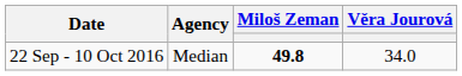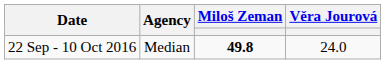 <table class="wikitable collapsible collapsed" style=text-align:center>
 <tr>
 <th rowspan="2">Date</th>
 <th rowspan="2">Agency</th>
 <th><a href='#'>Miloš Zeman</a></th>
 <th><a href='#'>Věra Jourová</a></th>
 </tr>
 <tr>
 <th style="background:"></th>
 <th style="background:"></th>
 </tr>
 <tr>
 <td>22 Sep - 10 Oct 2016</td>
 <td>Median</td>
 <td><strong>49.8</strong></td>
-<td>34.0</td>
+<td>24.0</td>
 </tr>
 </table>
